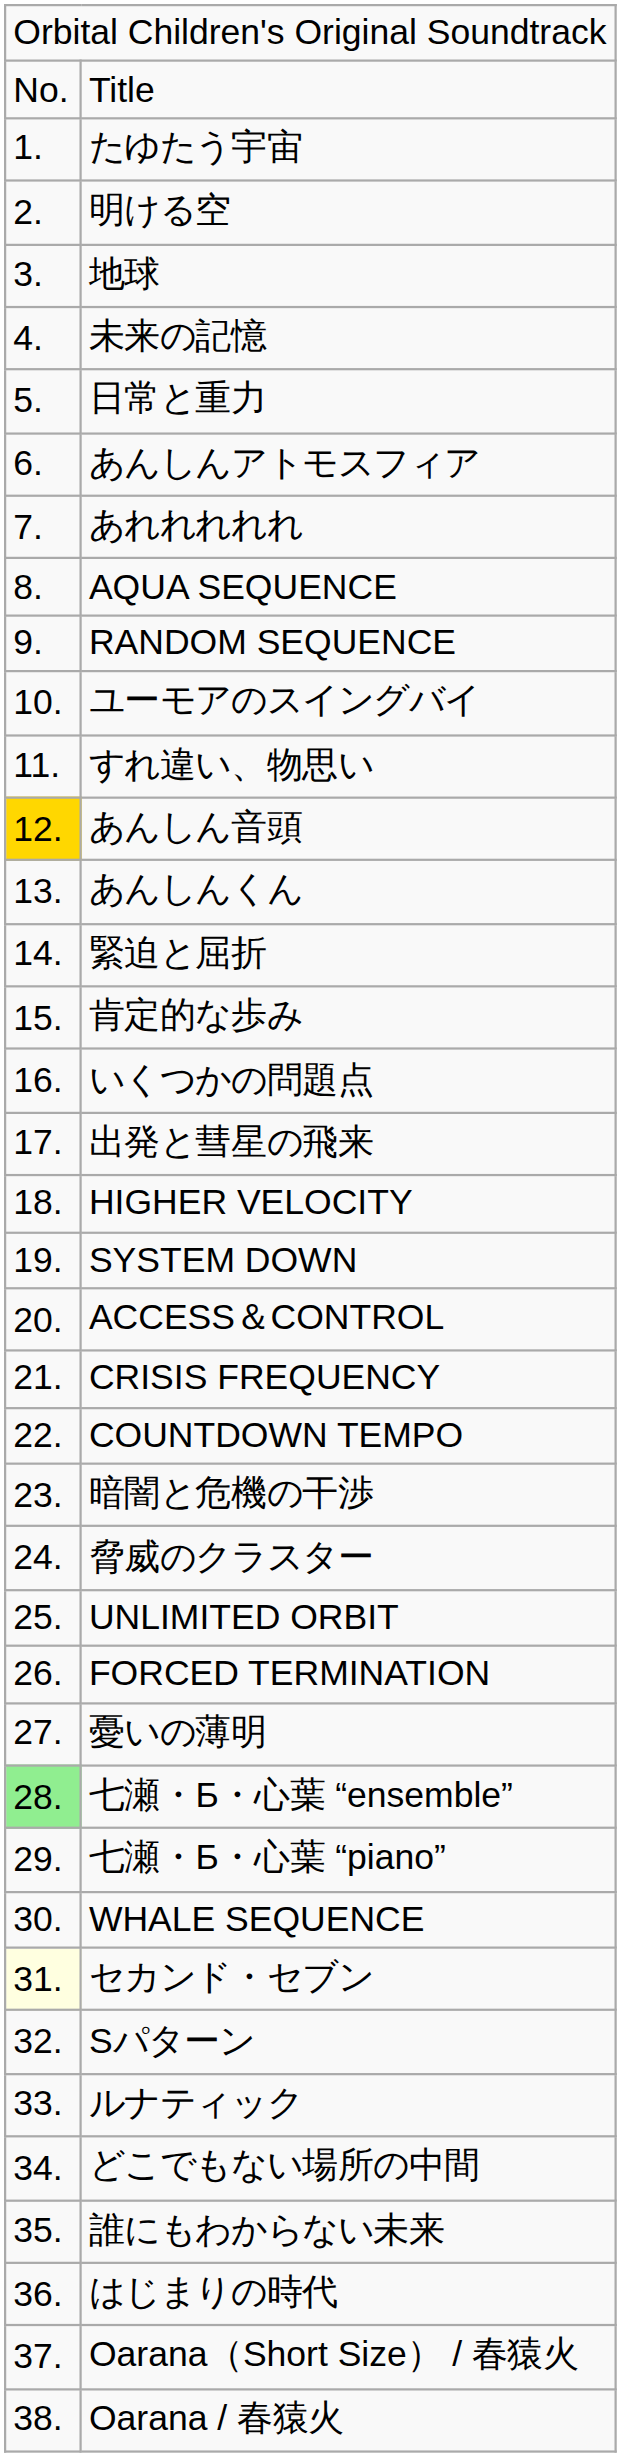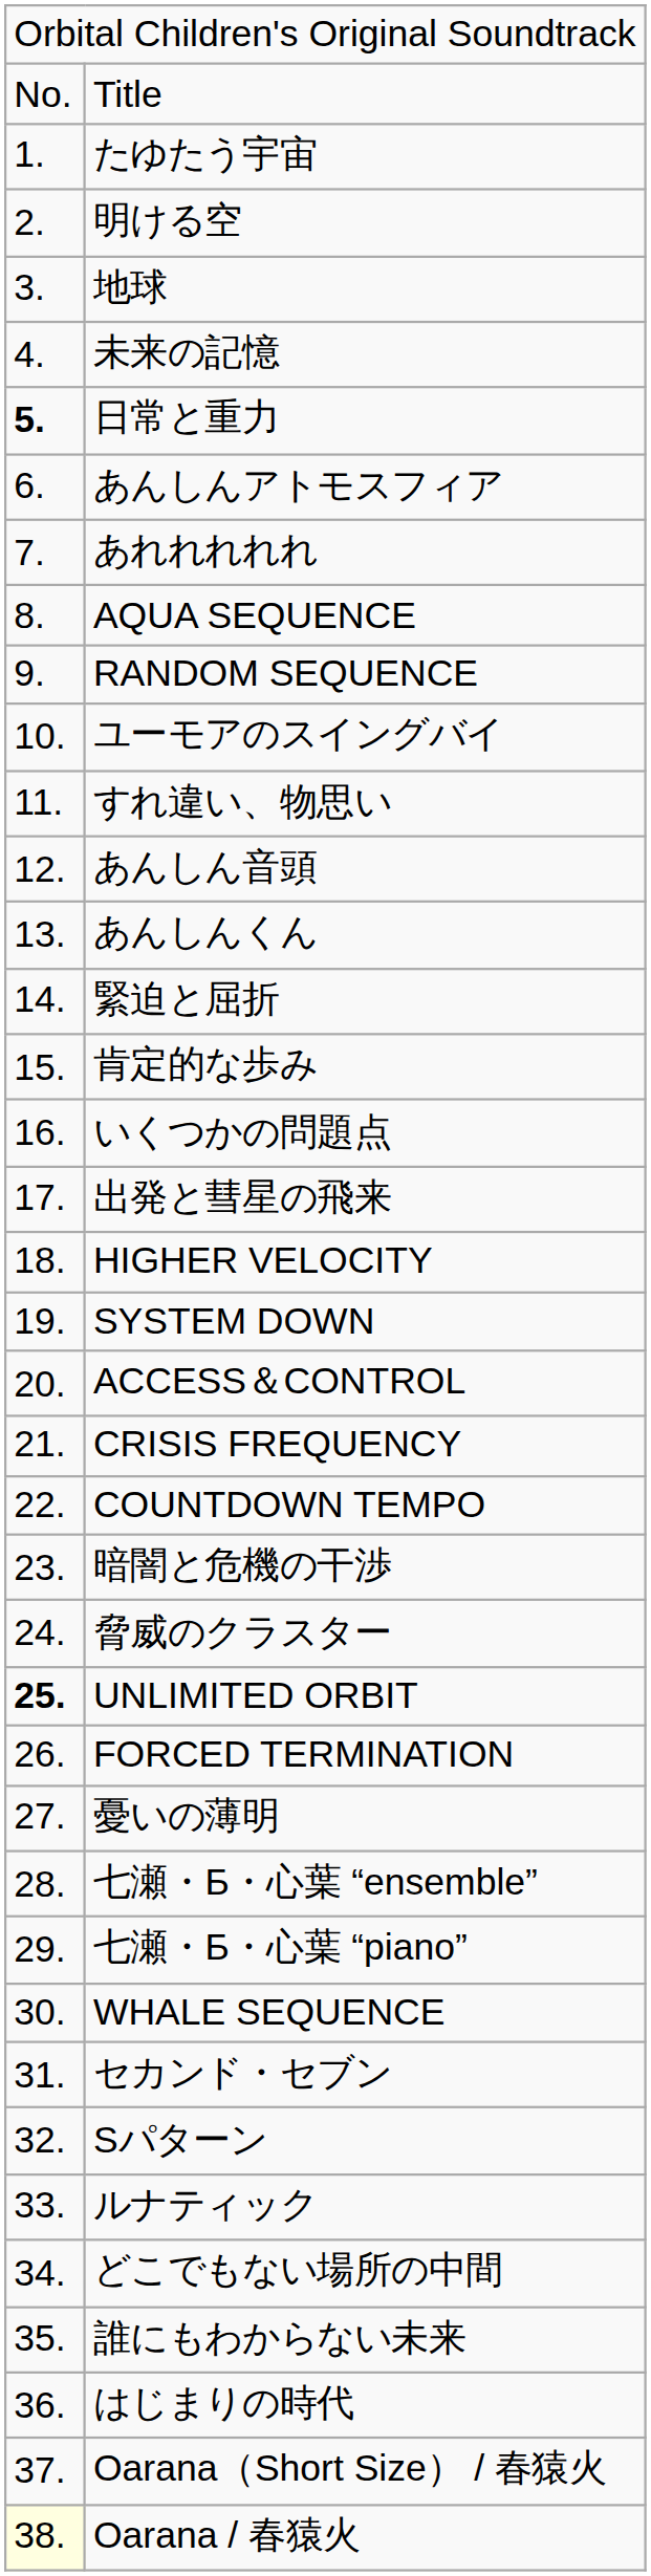 <table class="wikitable">
 <tr>
 <td colspan="2">Orbital Children's Original  Soundtrack</td>
 </tr>
 <tr>
 <td>No.</td>
 <td>Title</td>
 </tr>
 <tr>
 <td>1.</td>
 <td>たゆたう宇宙</td>
 </tr>
 <tr>
 <td>2.</td>
 <td>明ける空</td>
 </tr>
 <tr>
 <td>3.</td>
 <td>地球</td>
 </tr>
 <tr>
 <td>4.</td>
 <td>未来の記憶</td>
 </tr>
 <tr>
-<td>5.</td>
+<td><strong>5.</strong></td>
 <td>日常と重力</td>
 </tr>
 <tr>
 <td>6.</td>
 <td>あんしんアトモスフィア</td>
 </tr>
 <tr>
 <td>7.</td>
 <td>あれれれれれ</td>
 </tr>
 <tr>
 <td>8.</td>
 <td>AQUA SEQUENCE</td>
 </tr>
 <tr>
 <td>9.</td>
 <td>RANDOM SEQUENCE</td>
 </tr>
 <tr>
 <td>10.</td>
 <td>ユーモアのスイングバイ</td>
 </tr>
 <tr>
 <td>11.</td>
 <td>すれ違い、物思い</td>
 </tr>
 <tr>
-<td style="background: gold;">12.</td>
+<td>12.</td>
 <td>あんしん音頭</td>
 </tr>
 <tr>
 <td>13.</td>
 <td>あんしんくん</td>
 </tr>
 <tr>
 <td>14.</td>
 <td>緊迫と屈折</td>
 </tr>
 <tr>
 <td>15.</td>
 <td>肯定的な歩み</td>
 </tr>
 <tr>
 <td>16.</td>
 <td>いくつかの問題点</td>
 </tr>
 <tr>
 <td>17.</td>
 <td>出発と彗星の飛来</td>
 </tr>
 <tr>
 <td>18.</td>
 <td>HIGHER VELOCITY</td>
 </tr>
 <tr>
 <td>19.</td>
 <td>SYSTEM DOWN</td>
 </tr>
 <tr>
 <td>20.</td>
 <td>ACCESS＆CONTROL</td>
 </tr>
 <tr>
 <td>21.</td>
 <td>CRISIS FREQUENCY</td>
 </tr>
 <tr>
 <td>22.</td>
 <td>COUNTDOWN TEMPO</td>
 </tr>
 <tr>
 <td>23.</td>
 <td>暗闇と危機の干渉</td>
 </tr>
 <tr>
 <td>24.</td>
 <td>脅威のクラスター</td>
 </tr>
 <tr>
-<td>25.</td>
+<td><strong>25.</strong></td>
 <td>UNLIMITED ORBIT</td>
 </tr>
 <tr>
 <td>26.</td>
 <td>FORCED TERMINATION</td>
 </tr>
 <tr>
 <td>27.</td>
 <td>憂いの薄明</td>
 </tr>
 <tr>
-<td style="background: lightgreen;">28.</td>
+<td>28.</td>
 <td>七瀬・Б・心葉 “ensemble”</td>
 </tr>
 <tr>
 <td>29.</td>
 <td>七瀬・Б・心葉 “piano”</td>
 </tr>
 <tr>
 <td>30.</td>
 <td>WHALE SEQUENCE</td>
 </tr>
 <tr>
-<td style="background: lightyellow;">31.</td>
+<td>31.</td>
 <td>セカンド・セブン</td>
 </tr>
 <tr>
 <td>32.</td>
 <td>Sパターン</td>
 </tr>
 <tr>
 <td>33.</td>
 <td>ルナティック</td>
 </tr>
 <tr>
 <td>34.</td>
 <td>どこでもない場所の中間</td>
 </tr>
 <tr>
 <td>35.</td>
 <td>誰にもわからない未来</td>
 </tr>
 <tr>
 <td>36.</td>
 <td>はじまりの時代</td>
 </tr>
 <tr>
 <td>37.</td>
 <td>Oarana（Short Size） / 春猿火</td>
 </tr>
 <tr>
-<td>38.</td>
+<td style="background: lightyellow;">38.</td>
 <td>Oarana / 春猿火</td>
 </tr>
 </table>
